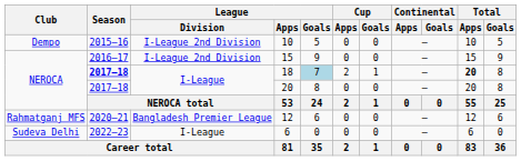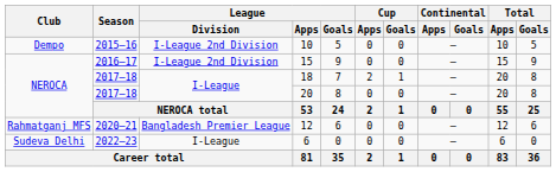 <table class="wikitable" style="text-align: center;">
 <tr>
 <th rowspan="2">Club</th>
 <th rowspan="2">Season</th>
 <th colspan="3">League</th>
 <th colspan="2">Cup</th>
 <th colspan="2">Continental</th>
 <th colspan="2">Total</th>
 </tr>
 <tr>
 <th>Division</th>
 <th>Apps</th>
 <th>Goals</th>
 <th>Apps</th>
 <th>Goals</th>
 <th>Apps</th>
 <th>Goals</th>
 <th>Apps</th>
 <th>Goals</th>
 </tr>
 <tr>
 <td rowspan="1"><a href='#'>Dempo</a></td>
 <td><a href='#'>2015–16</a></td>
 <td rowspan="1"><a href='#'>I-League 2nd Division</a></td>
 <td>10</td>
 <td>5</td>
 <td>0</td>
 <td>0</td>
 <td colspan="2">—</td>
 <td>10</td>
 <td>5</td>
 </tr>
 <tr>
 <td rowspan="4"><a href='#'>NEROCA</a></td>
 <td><a href='#'>2016–17</a></td>
 <td rowspan="1"><a href='#'>I-League 2nd Division</a></td>
 <td>15</td>
 <td>9</td>
 <td>0</td>
 <td>0</td>
 <td colspan="2">—</td>
 <td>15</td>
 <td>9</td>
 </tr>
 <tr>
-<td><strong><a href='#'>2017–18</a></strong></td>
+<td><a href='#'>2017–18</a></td>
 <td rowspan="2"><a href='#'>I-League</a></td>
 <td>18</td>
-<td style="background: lightblue;">7</td>
+<td>7</td>
 <td>2</td>
 <td>1</td>
 <td colspan="2">—</td>
-<td><strong>20</strong></td>
+<td>20</td>
 <td>8</td>
 </tr>
 <tr>
 <td><a href='#'>2017–18</a></td>
 <td>20</td>
 <td>8</td>
 <td>0</td>
 <td>0</td>
 <td colspan="2">—</td>
 <td>20</td>
 <td>8</td>
 </tr>
 <tr>
 <th colspan="2">NEROCA total</th>
 <th>53</th>
 <th>24</th>
 <th>2</th>
 <th>1</th>
 <th>0</th>
 <th>0</th>
 <th>55</th>
 <th>25</th>
 </tr>
 <tr>
 <td rowspan="1"><a href='#'>Rahmatganj MFS</a></td>
 <td><a href='#'>2020–21</a></td>
 <td rowspan="1"><a href='#'>Bangladesh Premier League</a></td>
 <td>12</td>
 <td>6</td>
 <td>0</td>
 <td>0</td>
 <td colspan="2">—</td>
 <td>12</td>
 <td>6</td>
 </tr>
 <tr>
 <td rowspan="1"><a href='#'>Sudeva Delhi</a></td>
 <td><a href='#'>2022–23</a></td>
 <td rowspan="1">I-League</td>
 <td>6</td>
 <td>0</td>
 <td>0</td>
 <td>0</td>
 <td colspan="2">—</td>
 <td>6</td>
 <td>0</td>
 </tr>
 <tr>
 <th colspan="3">Career total</th>
 <th>81</th>
 <th>35</th>
 <th>2</th>
 <th>1</th>
 <th>0</th>
 <th>0</th>
 <th>83</th>
 <th>36</th>
 </tr>
 </table>
